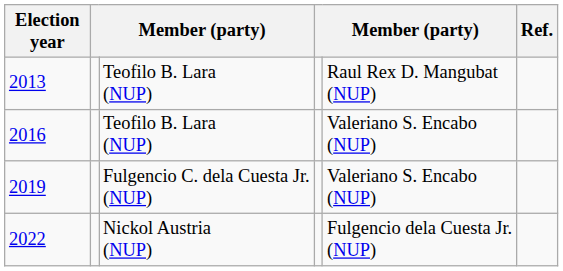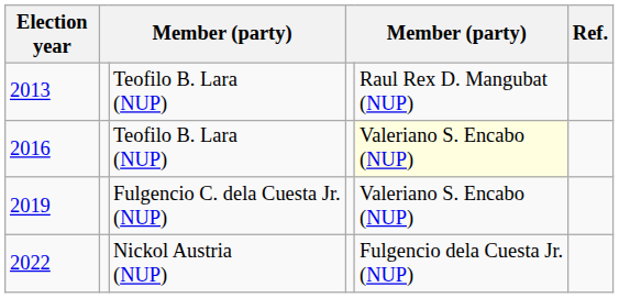 <table class="wikitable" style="font-size:90%">
 <tr>
 <th width="60px">Election<br>year</th>
 <th colspan="2" width="140px">Member (party)</th>
 <th colspan="2" width="140px">Member (party)</th>
 <th>Ref.</th>
 </tr>
 <tr>
 <td><a href='#'>2013</a></td>
 <td></td>
 <td>Teofilo B. Lara<br>(<a href='#'>NUP</a>)</td>
 <td></td>
 <td>Raul Rex D. Mangubat<br>(<a href='#'>NUP</a>)</td>
 <td></td>
 </tr>
 <tr>
 <td><a href='#'>2016</a></td>
 <td></td>
 <td>Teofilo B. Lara<br>(<a href='#'>NUP</a>)</td>
 <td></td>
-<td>Valeriano S. Encabo<br>(<a href='#'>NUP</a>)</td>
+<td style="background: lightyellow;">Valeriano S. Encabo<br>(<a href='#'>NUP</a>)</td>
 <td></td>
 </tr>
 <tr>
 <td><a href='#'>2019</a></td>
 <td></td>
 <td>Fulgencio C. dela Cuesta Jr.<br>(<a href='#'>NUP</a>)</td>
 <td></td>
 <td>Valeriano S. Encabo<br>(<a href='#'>NUP</a>)</td>
 <td></td>
 </tr>
 <tr>
 <td><a href='#'>2022</a></td>
 <td></td>
 <td>Nickol Austria<br>(<a href='#'>NUP</a>)</td>
 <td></td>
 <td>Fulgencio dela Cuesta Jr.<br>(<a href='#'>NUP</a>)</td>
 <td></td>
 </tr>
 </table>
